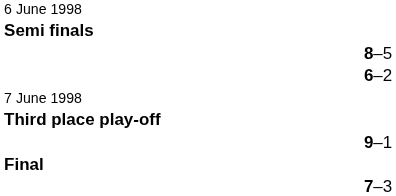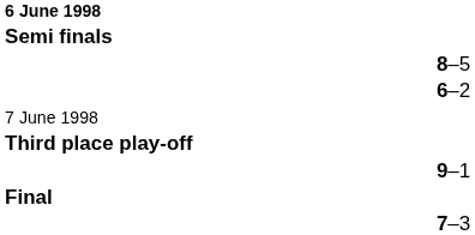 <table width=100% cellspacing=1>
 <tr>
 <th width=22%></th>
 <th width=12%></th>
 <th></th>
 </tr>
 <tr>
-<td><small>6 June 1998</small></td>
+<td><strong><small>6 June 1998</small></strong></td>
 </tr>
 <tr>
 <td><strong>Semi finals</strong></td>
 </tr>
 <tr>
 <td align=right><strong></strong></td>
 <td align=center><strong>8</strong>–5</td>
 <td></td>
 </tr>
 <tr>
 <td align=right><strong></strong></td>
 <td align=center><strong>6</strong>–2</td>
 <td></td>
 </tr>
 <tr>
 <td><small>7 June 1998</small></td>
 </tr>
 <tr>
 <td><strong>Third place play-off</strong></td>
 </tr>
 <tr>
 <td align=right><strong></strong></td>
 <td align=center><strong>9</strong>–1</td>
 <td></td>
 </tr>
 <tr>
 <td><strong>Final</strong></td>
 </tr>
 <tr>
 <td align=right><strong></strong></td>
 <td align=center><strong>7</strong>–3</td>
 <td></td>
 </tr>
 </table>
